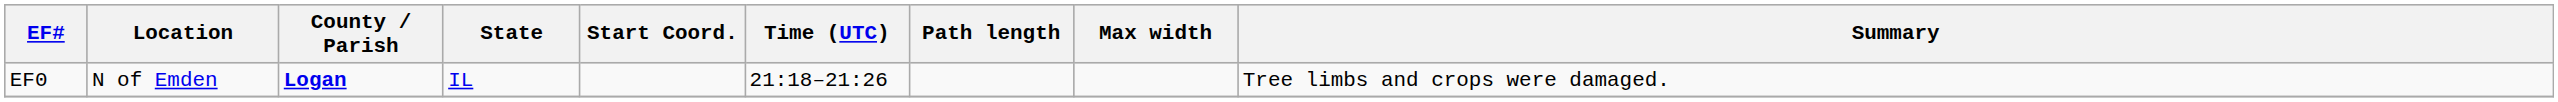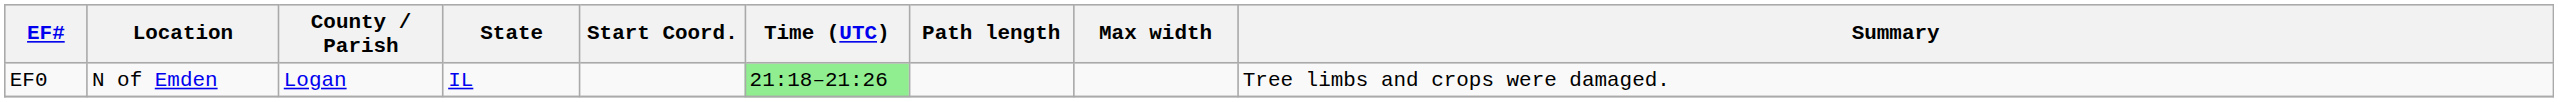 <table class="wikitable sortable" style="width:100%;">
 <tr>
 <th scope="col"  style="width:3%; text-align:center;"><a href='#'>EF#</a></th>
 <th scope="col"  style="width:7%; text-align:center;" class="unsortable">Location</th>
 <th scope="col"  style="width:6%; text-align:center;" class="unsortable">County / Parish</th>
 <th scope="col"  style="width:5%; text-align:center;">State</th>
 <th scope="col"  style="width:6%; text-align:center;">Start Coord.</th>
 <th scope="col"  style="width:6%; text-align:center;">Time (<a href='#'>UTC</a>)</th>
 <th scope="col"  style="width:6%; text-align:center;">Path length</th>
 <th scope="col"  style="width:6%; text-align:center;">Max width</th>
 <th scope="col" class="unsortable" style="width:48%; text-align:center;">Summary</th>
 </tr>
 <tr>
 <td bgcolor=>EF0</td>
 <td>N of <a href='#'>Emden</a></td>
-<td><strong><a href='#'>Logan</a></strong></td>
+<td><a href='#'>Logan</a></td>
 <td><a href='#'>IL</a></td>
 <td></td>
-<td>21:18–21:26</td>
+<td style="background: lightgreen;">21:18–21:26</td>
 <td></td>
 <td></td>
 <td>Tree limbs and crops were damaged.</td>
 </tr>
 <tr>
 </tr>
 </table>
